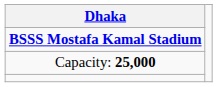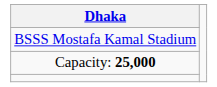 <table class="wikitable" style="text-align:center;margin: 1em auto;">
 <tr>
 <th><a href='#'>Dhaka</a></th>
 <td rowspan="4"></td>
 </tr>
 <tr>
-<td><strong><a href='#'>BSSS Mostafa Kamal Stadium</a></strong></td>
+<td><a href='#'>BSSS Mostafa Kamal Stadium</a></td>
 </tr>
 <tr>
 <td>Capacity: <strong>25,000</strong></td>
 </tr>
 <tr>
 <td></td>
 </tr>
 </table>
